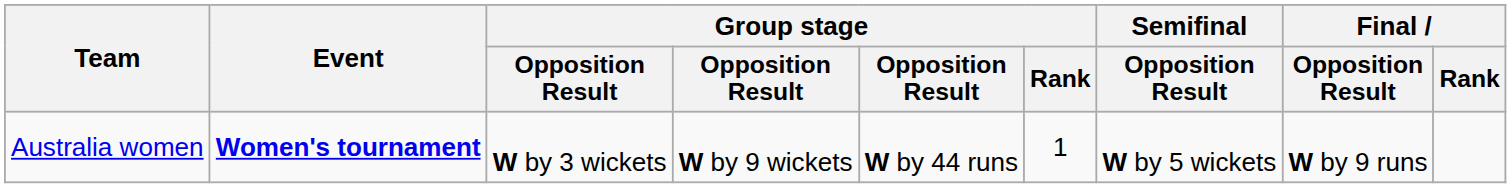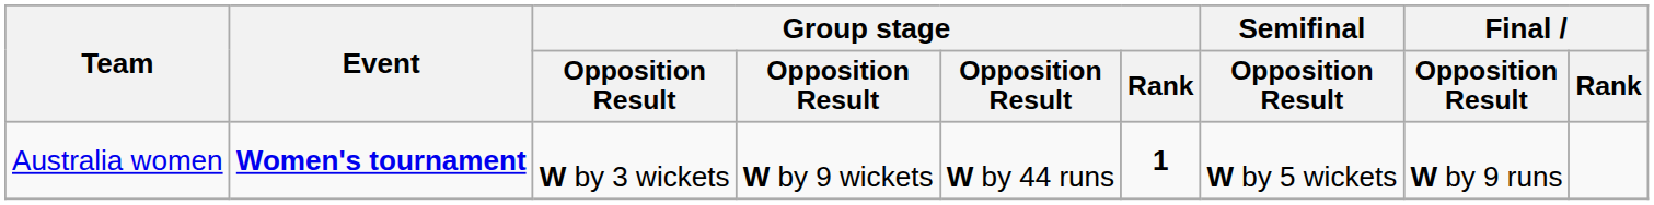 <table class=wikitable style=font-size:90%>
 <tr>
 <th rowspan=2>Team</th>
 <th rowspan=2>Event</th>
 <th colspan=4>Group stage</th>
 <th>Semifinal</th>
 <th colspan=2>Final / </th>
 </tr>
 <tr style=font-size:95%>
 <th>Opposition<br>Result</th>
 <th>Opposition<br>Result</th>
 <th>Opposition<br>Result</th>
 <th>Rank</th>
 <th>Opposition<br>Result</th>
 <th>Opposition<br>Result</th>
 <th>Rank</th>
 </tr>
 <tr align=center>
 <td align=left><a href='#'>Australia women</a></td>
 <td align=left><strong><a href='#'>Women's tournament</a></strong></td>
 <td><br> <strong>W</strong> by 3 wickets</td>
 <td><br> <strong>W</strong> by 9 wickets</td>
 <td><br> <strong>W</strong> by 44 runs</td>
-<td>1</td>
+<td><strong>1</strong></td>
 <td><br> <strong>W</strong> by 5 wickets</td>
 <td><br> <strong>W</strong> by 9 runs</td>
 <td></td>
 </tr>
 </table>
